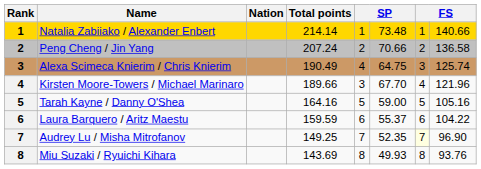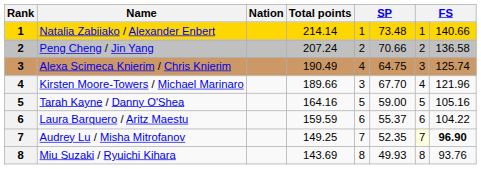 <table class="wikitable sortable">
 <tr>
 <th>Rank</th>
 <th>Name</th>
 <th>Nation</th>
 <th>Total points</th>
 <th colspan="2" width="80px"><a href='#'>SP</a></th>
 <th colspan="2" width="80px"><a href='#'>FS</a></th>
 </tr>
 <tr bgcolor="gold">
 <td align="center"><strong>1</strong></td>
 <td><a href='#'>Natalia Zabiiako</a> / <a href='#'>Alexander Enbert</a></td>
 <td></td>
 <td align="center">214.14</td>
 <td align="center">1</td>
 <td align="center">73.48</td>
 <td align="center">1</td>
 <td align="center">140.66</td>
 </tr>
 <tr bgcolor="silver">
 <td align="center"><strong>2</strong></td>
 <td><a href='#'>Peng Cheng</a> / <a href='#'>Jin Yang</a></td>
 <td></td>
 <td align="center">207.24</td>
 <td align="center">2</td>
 <td align="center">70.66</td>
 <td align="center">2</td>
 <td align="center">136.58</td>
 </tr>
 <tr bgcolor="cc9966">
 <td align="center"><strong>3</strong></td>
 <td><a href='#'>Alexa Scimeca Knierim</a> / <a href='#'>Chris Knierim</a></td>
 <td></td>
 <td align="center">190.49</td>
 <td align="center">4</td>
 <td align="center">64.75</td>
 <td align="center">3</td>
 <td align="center">125.74</td>
 </tr>
 <tr>
 <th>4</th>
 <td><a href='#'>Kirsten Moore-Towers</a> / <a href='#'>Michael Marinaro</a></td>
 <td></td>
 <td align="center">189.66</td>
 <td align="center">3</td>
 <td align="center">67.70</td>
 <td align="center">4</td>
 <td align="center">121.96</td>
 </tr>
 <tr>
 <th>5</th>
 <td><a href='#'>Tarah Kayne</a> / <a href='#'>Danny O'Shea</a></td>
 <td></td>
 <td align="center">164.16</td>
 <td align="center">5</td>
 <td align="center">59.00</td>
 <td align="center">5</td>
 <td align="center">105.16</td>
 </tr>
 <tr>
 <th>6</th>
 <td><a href='#'>Laura Barquero</a> / <a href='#'>Aritz Maestu</a></td>
 <td></td>
 <td align="center">159.59</td>
 <td align="center">6</td>
 <td align="center">55.37</td>
 <td align="center">6</td>
 <td align="center">104.22</td>
 </tr>
 <tr>
 <th>7</th>
 <td><a href='#'>Audrey Lu</a> / <a href='#'>Misha Mitrofanov</a></td>
 <td></td>
 <td align="center">149.25</td>
 <td align="center">7</td>
 <td align="center">52.35</td>
 <td align="center" style="background: lightyellow;">7</td>
-<td align="center">96.90</td>
+<td align="center"><strong>96.90</strong></td>
 </tr>
 <tr>
 <th>8</th>
 <td><a href='#'>Miu Suzaki</a> / <a href='#'>Ryuichi Kihara</a></td>
 <td></td>
 <td align="center">143.69</td>
 <td align="center">8</td>
 <td align="center">49.93</td>
 <td align="center">8</td>
 <td align="center">93.76</td>
 </tr>
 </table>
